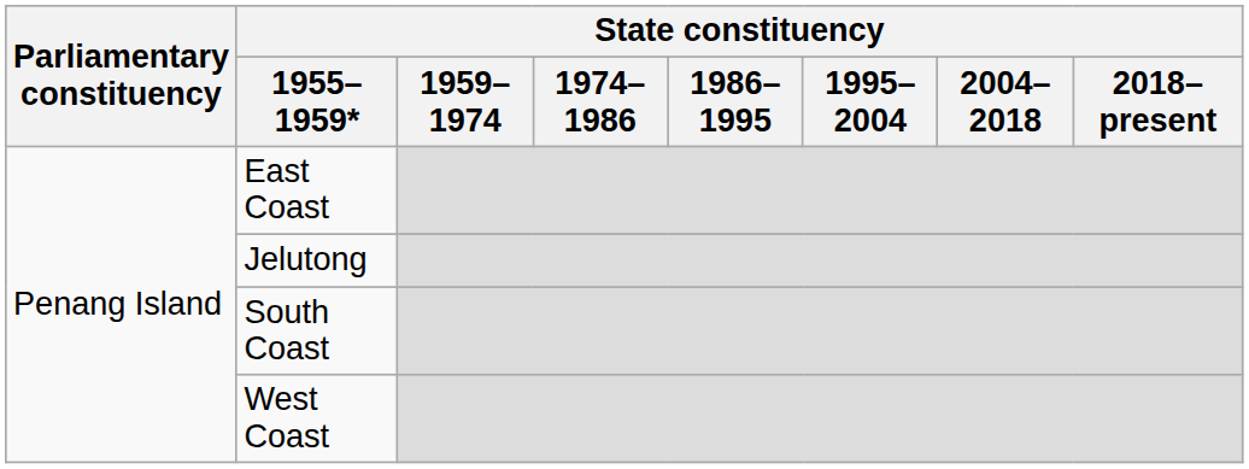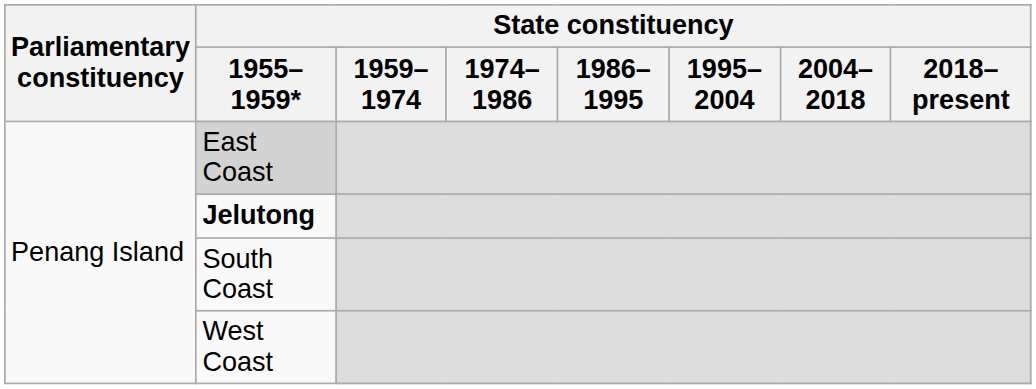 <table class="wikitable">
 <tr>
 <th rowspan="2">Parliamentary<br>constituency</th>
 <th colspan="7">State constituency</th>
 </tr>
 <tr>
 <th>1955–1959*</th>
 <th>1959–1974</th>
 <th>1974–1986</th>
 <th>1986–1995</th>
 <th>1995–2004</th>
 <th>2004–2018</th>
 <th>2018–present</th>
 </tr>
 <tr>
 <td rowspan="4">Penang Island</td>
-<td>East Coast</td>
+<td style="background: lightgrey;">East Coast</td>
 <td colspan="6" bgcolor="dcdcdc"></td>
 </tr>
 <tr>
-<td>Jelutong</td>
+<td><strong>Jelutong</strong></td>
 <td colspan="6" bgcolor="dcdcdc"></td>
 </tr>
 <tr>
 <td>South Coast</td>
 <td colspan="6" bgcolor="dcdcdc"></td>
 </tr>
 <tr>
 <td>West Coast</td>
 <td colspan="6" bgcolor="dcdcdc"></td>
 </tr>
 </table>
